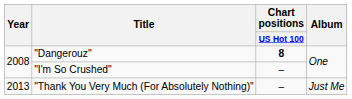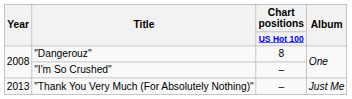 <table class="wikitable">
 <tr>
 <th rowspan="2">Year</th>
 <th rowspan="2">Title</th>
 <th>Chart positions</th>
 <th rowspan="2">Album</th>
 </tr>
 <tr style="font-size:smaller;">
 <th width="50"><a href='#'>US Hot 100</a></th>
 </tr>
 <tr>
 <td rowspan="2">2008</td>
 <td>"Dangerouz"</td>
-<td align="center"><strong>8</strong></td>
+<td align="center">8</td>
 <td rowspan="2"><em>One</em></td>
 </tr>
 <tr>
 <td>"I'm So Crushed"</td>
 <td align="center">–</td>
 </tr>
 <tr>
 <td rowspan="2">2013</td>
 <td>"Thank You Very Much (For Absolutely Nothing)"</td>
 <td align="center">–</td>
 <td rowspan="2"><em>Just Me</em></td>
 </tr>
 </table>
